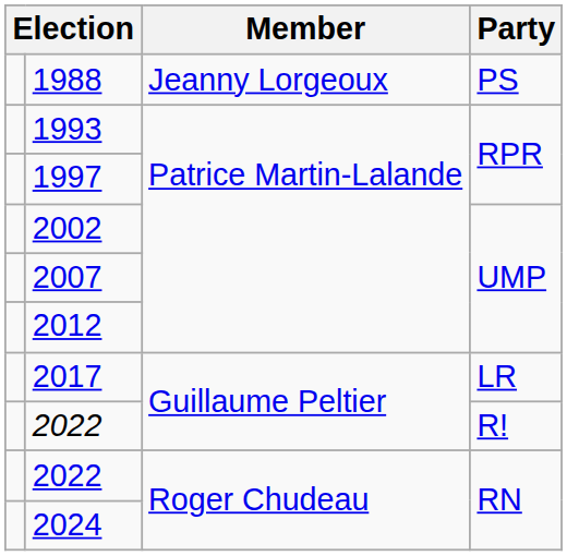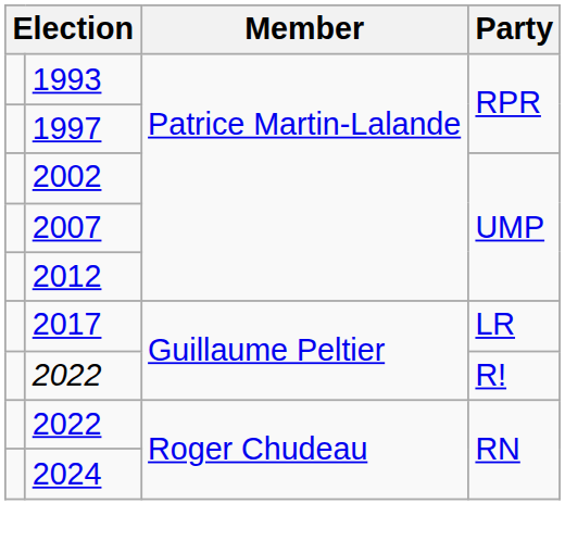 <table class="wikitable">
 <tr>
 <th colspan="2">Election</th>
 <th>Member</th>
 <th>Party</th>
-</tr>
-<tr>
-<td style="color:inherit;background-color:"></td>
-<td><a href='#'>1988</a></td>
-<td><a href='#'>Jeanny Lorgeoux</a></td>
-<td><a href='#'>PS</a></td>
 </tr>
 <tr>
 <td style="color:inherit;background-color:"></td>
 <td><a href='#'>1993</a></td>
 <td rowspan="5"><a href='#'>Patrice Martin-Lalande</a><br><br><br><br></td>
 <td rowspan="2"><a href='#'>RPR</a></td>
 </tr>
 <tr>
 <td style="color:inherit;background-color:"></td>
 <td><a href='#'>1997</a></td>
 </tr>
 <tr>
 <td style="color:inherit;background-color:"></td>
 <td><a href='#'>2002</a></td>
 <td rowspan="3"><a href='#'>UMP</a></td>
 </tr>
 <tr>
 <td style="color:inherit;background-color:"></td>
 <td><a href='#'>2007</a></td>
 </tr>
 <tr>
 <td style="color:inherit;background-color:"></td>
 <td><a href='#'>2012</a></td>
 </tr>
 <tr>
 <td style="color:inherit;background-color:"></td>
 <td><a href='#'>2017</a></td>
 <td rowspan="2"><a href='#'>Guillaume Peltier</a></td>
 <td><a href='#'>LR</a></td>
 </tr>
 <tr>
 <td style="color:inherit;background-color:"></td>
 <td><em>2022</em></td>
 <td><a href='#'>R!</a></td>
 </tr>
 <tr>
 <td style="color:inherit;background-color:"></td>
 <td><a href='#'>2022</a></td>
 <td rowspan="2"><a href='#'>Roger Chudeau</a></td>
 <td rowspan="2"><a href='#'>RN</a></td>
 </tr>
 <tr>
 <td style="color:inherit;background-color:"></td>
 <td><a href='#'>2024</a></td>
 </tr>
 </table>
